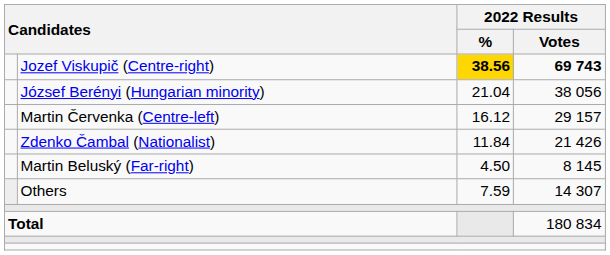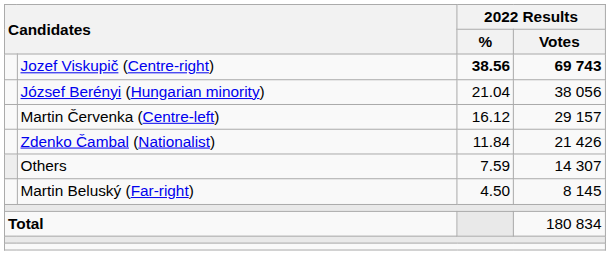 <table class="wikitable" style="text-align:right; font-size:97%;">
 <tr>
 <th style="text-align:left;" rowspan="2" colspan="2" width="450">Candidates</th>
 <th colspan="2">2022 Results</th>
 </tr>
 <tr>
 <th width="50">%</th>
 <th width="85">Votes</th>
 </tr>
 <tr>
 <td style="color:inherit;background:"></td>
 <td align="left"><a href='#'>Jozef Viskupič</a> (<a href='#'>Centre-right</a>)</td>
-<td style="background: gold;"><strong>38.56</strong></td>
+<td><strong>38.56</strong></td>
 <td><strong>69 743</strong></td>
 </tr>
 <tr>
 <td style="color:inherit;background:"></td>
 <td align="left"><a href='#'>József Berényi</a> (<a href='#'>Hungarian minority</a>)</td>
 <td>21.04</td>
 <td>38 056</td>
 </tr>
 <tr>
 <td style="color:inherit;background:"></td>
 <td align="left">Martin Červenka (<a href='#'>Centre-left</a>)</td>
 <td>16.12</td>
 <td>29 157</td>
 </tr>
 <tr>
 <td style="color:inherit;background:"></td>
 <td align="left"><a href='#'>Zdenko Čambal</a> (<a href='#'>Nationalist</a>)</td>
 <td>11.84</td>
 <td>21 426</td>
 </tr>
 <tr>
+<td style="color:inherit;background:#eeeeee"></td>
+<td align="left">Others</td>
+<td>7.59</td>
+<td>14 307</td>
+</tr>
+<tr>
 <td style="color:inherit;background:"></td>
 <td align="left">Martin Beluský (<a href='#'>Far-right</a>)</td>
 <td>4.50</td>
 <td>8 145</td>
-</tr>
-<tr>
-<td style="color:inherit;background:#eeeeee"></td>
-<td align="left">Others</td>
-<td>7.59</td>
-<td>14 307</td>
 </tr>
 <tr>
 <td colspan="4" bgcolor="#E9E9E9"></td>
 </tr>
 <tr>
 <td align="left" colspan="2"><strong>Total</strong></td>
 <td bgcolor="#E9E9E9"></td>
 <td>180 834</td>
 </tr>
 <tr>
 <td colspan="4" bgcolor="#E9E9E9"></td>
 </tr>
 <tr>
 <td colspan="4"></td>
 </tr>
 </table>
